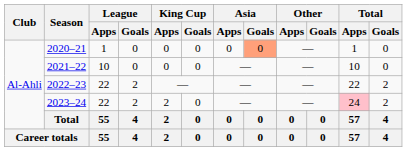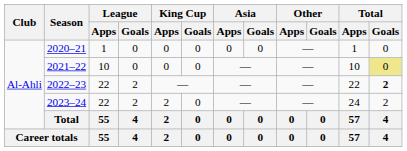 <table class="wikitable" style="text-align: center">
 <tr>
 <th rowspan=2>Club</th>
 <th rowspan=2>Season</th>
 <th colspan=2>League</th>
 <th colspan=2>King Cup</th>
 <th colspan=2>Asia</th>
 <th colspan=2>Other</th>
 <th colspan=2>Total</th>
 </tr>
 <tr>
 <th>Apps</th>
 <th>Goals</th>
 <th>Apps</th>
 <th>Goals</th>
 <th>Apps</th>
 <th>Goals</th>
 <th>Apps</th>
 <th>Goals</th>
 <th>Apps</th>
 <th>Goals</th>
 </tr>
 <tr>
 <td rowspan=5><a href='#'>Al-Ahli</a></td>
 <td><a href='#'>2020–21</a></td>
 <td>1</td>
 <td>0</td>
 <td>0</td>
 <td>0</td>
 <td>0</td>
-<td style="background: lightsalmon;">0</td>
+<td>0</td>
 <td colspan=2>—</td>
 <td>1</td>
 <td>0</td>
 </tr>
 <tr>
 <td><a href='#'>2021–22</a></td>
 <td>10</td>
 <td>0</td>
 <td>0</td>
 <td>0</td>
 <td colspan=2>—</td>
 <td colspan=2>—</td>
 <td>10</td>
-<td>0</td>
+<td style="background: khaki;">0</td>
 </tr>
 <tr>
 <td><a href='#'>2022–23</a></td>
 <td>22</td>
 <td>2</td>
 <td colspan=2>—</td>
 <td colspan=2>—</td>
 <td colspan=2>—</td>
 <td>22</td>
-<td>2</td>
+<td><strong>2</strong></td>
 </tr>
 <tr>
 <td><a href='#'>2023–24</a></td>
 <td>22</td>
 <td>2</td>
 <td>2</td>
 <td>0</td>
 <td colspan=2>—</td>
 <td colspan=2>—</td>
-<td style="background: pink;">24</td>
+<td>24</td>
 <td>2</td>
 </tr>
 <tr>
 <th>Total</th>
 <th>55</th>
 <th>4</th>
 <th>2</th>
 <th>0</th>
 <th>0</th>
 <th>0</th>
 <th>0</th>
 <th>0</th>
 <th>57</th>
 <th>4</th>
 </tr>
 <tr>
 <th colspan=2>Career totals</th>
 <th>55</th>
 <th>4</th>
 <th>2</th>
 <th>0</th>
 <th>0</th>
 <th>0</th>
 <th>0</th>
 <th>0</th>
 <th>57</th>
 <th>4</th>
 </tr>
 </table>
